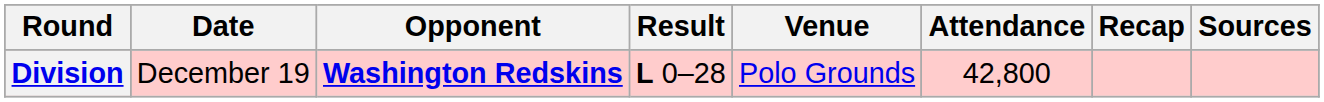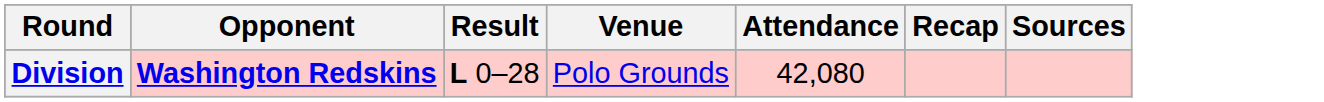 <table class="wikitable" style="text-align:center">
 <tr>
 <th>Round</th>
-<th>Date</th>
 <th>Opponent</th>
 <th>Result</th>
 <th>Venue</th>
 <th>Attendance</th>
 <th>Recap</th>
 <th>Sources</th>
 </tr>
 <tr style="background:#fcc">
 <th><a href='#'>Division</a></th>
-<td>December 19</td>
 <td><strong><a href='#'>Washington Redskins</a></strong></td>
 <td><strong>L</strong> 0–28</td>
 <td><a href='#'>Polo Grounds</a></td>
-<td>42,800</td>
+<td>42,080</td>
 <td></td>
 <td></td>
 </tr>
 </table>
